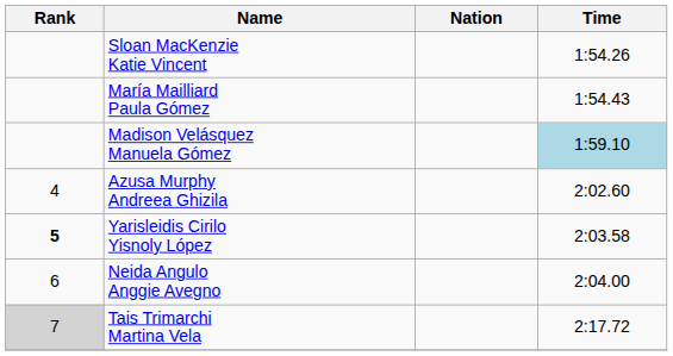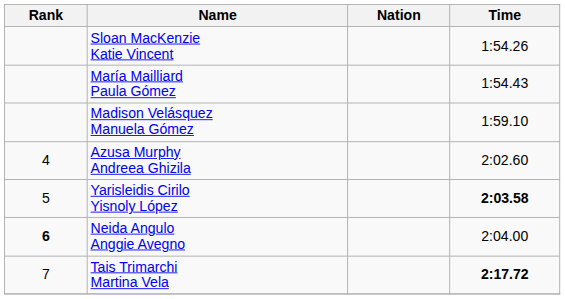 <table class="wikitable sortable" style="text-align:center" width=50%>
 <tr>
 <th>Rank</th>
 <th>Name</th>
 <th>Nation</th>
 <th>Time</th>
 </tr>
 <tr>
 <td></td>
 <td align=left><a href='#'>Sloan MacKenzie</a><br><a href='#'>Katie Vincent</a></td>
 <td align=left></td>
 <td>1:54.26</td>
 </tr>
 <tr>
 <td></td>
 <td align=left><a href='#'>María Mailliard</a><br><a href='#'>Paula Gómez</a></td>
 <td align=left></td>
 <td>1:54.43</td>
 </tr>
 <tr>
 <td></td>
 <td align=left><a href='#'>Madison Velásquez</a><br><a href='#'>Manuela Gómez</a></td>
 <td align=left></td>
-<td style="background: lightblue;">1:59.10</td>
+<td>1:59.10</td>
 </tr>
 <tr>
 <td>4</td>
 <td align=left><a href='#'>Azusa Murphy</a><br><a href='#'>Andreea Ghizila</a></td>
 <td align=left></td>
 <td>2:02.60</td>
 </tr>
 <tr>
-<td><strong>5</strong></td>
+<td>5</td>
 <td align=left><a href='#'>Yarisleidis Cirilo</a><br><a href='#'>Yisnoly López</a></td>
 <td align=left></td>
-<td>2:03.58</td>
+<td><strong>2:03.58</strong></td>
 </tr>
 <tr>
-<td>6</td>
+<td><strong>6</strong></td>
 <td align=left><a href='#'>Neida Angulo</a><br><a href='#'>Anggie Avegno</a></td>
 <td align=left></td>
 <td>2:04.00</td>
 </tr>
 <tr>
-<td style="background: lightgrey;">7</td>
+<td>7</td>
 <td align=left><a href='#'>Tais Trimarchi</a><br><a href='#'>Martina Vela</a></td>
 <td align=left></td>
-<td>2:17.72</td>
+<td><strong>2:17.72</strong></td>
 </tr>
 <tr>
 </tr>
 </table>
